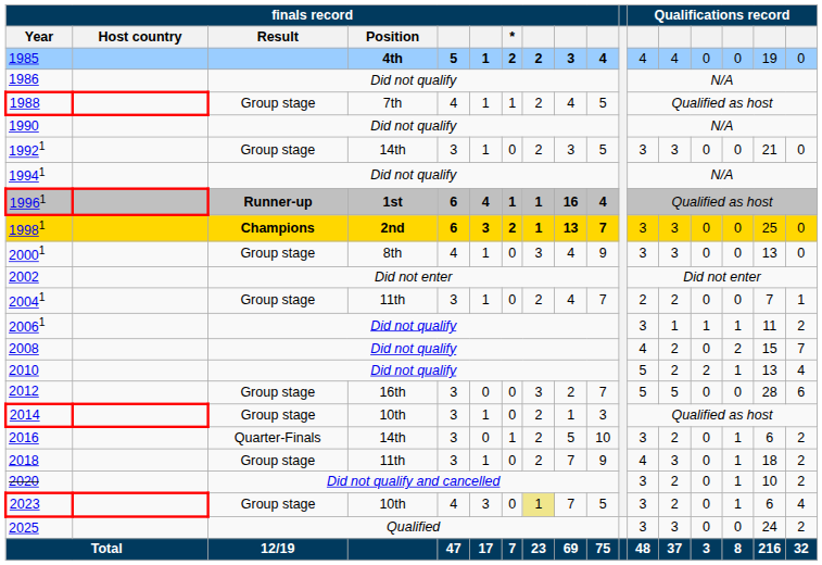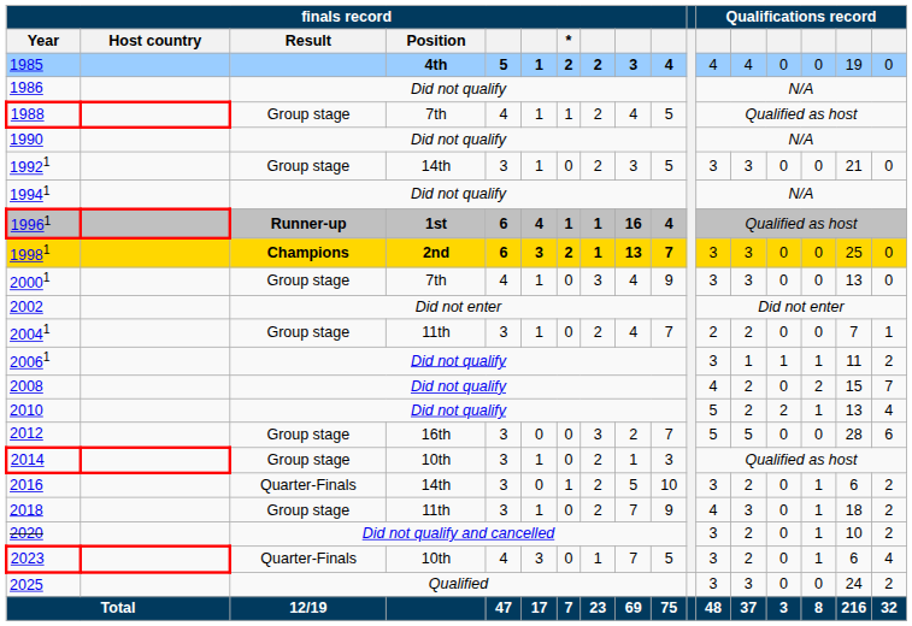 <table class="wikitable" style="text-align: center; width: 960px;">
 <tr>
 <th colspan=10 style="background: #013A5E; color: #FFFFFF;"><a href='#'></a> finals record</th>
 <th style="background: #013A5E; color: #FFFFFF;"></th>
 <th colspan=6 style="background: #013A5E; color: #FFFFFF;">Qualifications record</th>
 </tr>
 <tr>
 <th>Year</th>
 <th>Host country</th>
 <th>Result</th>
 <th>Position</th>
 <th></th>
 <th></th>
 <th>*</th>
 <th></th>
 <th></th>
 <th></th>
 <th style="width:1%;" rowspan="21"></th>
 <th width=30></th>
 <th width=30></th>
 <th width=30></th>
 <th width=30></th>
 <th width=30></th>
 <th width=30></th>
 </tr>
 <tr bgcolor=#9acdff>
 <td style="text-align: left"><a href='#'>1985</a></td>
 <td style="text-align: left"></td>
 <td><strong></strong></td>
 <td><strong>4th</strong></td>
 <td><strong>5</strong></td>
 <td><strong>1</strong></td>
 <td><strong>2</strong></td>
 <td><strong>2</strong></td>
 <td><strong>3</strong></td>
 <td><strong>4</strong></td>
 <td>4</td>
 <td>4</td>
 <td>0</td>
 <td>0</td>
 <td>19</td>
 <td>0</td>
 </tr>
 <tr>
 <td style="text-align: left"><a href='#'>1986</a></td>
 <td style="text-align: left"></td>
 <td colspan="8" align="center"><em>Did not qualify</em></td>
 <td colspan=6><em>N/A</em></td>
 </tr>
 <tr>
 <td style="text-align: left; border: 3px solid red"><a href='#'>1988</a></td>
 <td style="text-align: left; border: 3px solid red"></td>
 <td>Group stage</td>
 <td>7th</td>
 <td>4</td>
 <td>1</td>
 <td>1</td>
 <td>2</td>
 <td>4</td>
 <td>5</td>
 <td colspan=6><em>Qualified as host</em></td>
 </tr>
 <tr>
 <td style="text-align: left"><a href='#'>1990</a></td>
 <td style="text-align: left"></td>
 <td colspan="8" align="center"><em>Did not qualify</em></td>
 <td colspan=6><em>N/A</em></td>
 </tr>
 <tr>
 <td style="text-align: left"><a href='#'>1992</a><sup>1</sup></td>
 <td style="text-align: left"></td>
 <td>Group stage</td>
 <td>14th</td>
 <td>3</td>
 <td>1</td>
 <td>0</td>
 <td>2</td>
 <td>3</td>
 <td>5</td>
 <td>3</td>
 <td>3</td>
 <td>0</td>
 <td>0</td>
 <td>21</td>
 <td>0</td>
 </tr>
 <tr>
 <td style="text-align: left"><a href='#'>1994</a><sup>1</sup></td>
 <td style="text-align: left"></td>
 <td colspan="8" align="center"><em>Did not qualify</em></td>
 <td colspan=6><em>N/A</em></td>
 </tr>
 <tr bgcolor=#C0C0C0>
 <td style="text-align: left; border: 3px solid red"><a href='#'>1996</a><sup>1</sup></td>
 <td style="text-align: left; border: 3px solid red"></td>
 <td><strong>Runner-up</strong></td>
 <td><strong>1st</strong></td>
 <td><strong>6</strong></td>
 <td><strong>4</strong></td>
 <td><strong>1</strong></td>
 <td><strong>1</strong></td>
 <td><strong>16</strong></td>
 <td><strong>4</strong></td>
 <td colspan=6><em>Qualified as host</em></td>
 </tr>
 <tr bgcolor=gold>
 <td style="text-align: left"><a href='#'>1998</a><sup>1</sup></td>
 <td style="text-align: left"></td>
 <td><strong>Champions</strong></td>
 <td><strong>2nd</strong></td>
 <td><strong>6</strong></td>
 <td><strong>3</strong></td>
 <td><strong>2</strong></td>
 <td><strong>1</strong></td>
 <td><strong>13</strong></td>
 <td><strong>7</strong></td>
 <td>3</td>
 <td>3</td>
 <td>0</td>
 <td>0</td>
 <td>25</td>
 <td>0</td>
 </tr>
 <tr>
 <td style="text-align: left"><a href='#'>2000</a><sup>1</sup></td>
 <td style="text-align: left"></td>
 <td>Group stage</td>
-<td>8th</td>
+<td>7th</td>
 <td>4</td>
 <td>1</td>
 <td>0</td>
 <td>3</td>
 <td>4</td>
 <td>9</td>
 <td>3</td>
 <td>3</td>
 <td>0</td>
 <td>0</td>
 <td>13</td>
 <td>0</td>
 </tr>
 <tr>
 <td style="text-align: left"><a href='#'>2002</a></td>
 <td style="text-align: left"></td>
 <td colspan="8" align="center"><em>Did not enter</em></td>
 <td colspan=6><em>Did not enter</em></td>
 </tr>
 <tr>
 <td style="text-align: left"><a href='#'>2004</a><sup>1</sup></td>
 <td style="text-align: left"></td>
 <td>Group stage</td>
 <td>11th</td>
 <td>3</td>
 <td>1</td>
 <td>0</td>
 <td>2</td>
 <td>4</td>
 <td>7</td>
 <td>2</td>
 <td>2</td>
 <td>0</td>
 <td>0</td>
 <td>7</td>
 <td>1</td>
 </tr>
 <tr>
 <td style="text-align: left"><a href='#'>2006</a><sup>1</sup></td>
 <td style="text-align: left"></td>
 <td colspan="8" align="center"><em><a href='#'>Did not qualify</a></em></td>
 <td>3</td>
 <td>1</td>
 <td>1</td>
 <td>1</td>
 <td>11</td>
 <td>2</td>
 </tr>
 <tr>
 <td style="text-align: left"><a href='#'>2008</a></td>
 <td style="text-align: left"></td>
 <td colspan="8" align="center"><em><a href='#'>Did not qualify</a></em></td>
 <td>4</td>
 <td>2</td>
 <td>0</td>
 <td>2</td>
 <td>15</td>
 <td>7</td>
 </tr>
 <tr>
 <td style="text-align: left"><a href='#'>2010</a></td>
 <td style="text-align: left"></td>
 <td colspan="8" align="center"><em><a href='#'>Did not qualify</a></em></td>
 <td>5</td>
 <td>2</td>
 <td>2</td>
 <td>1</td>
 <td>13</td>
 <td>4</td>
 </tr>
 <tr>
 <td style="text-align: left"><a href='#'>2012</a></td>
 <td style="text-align: left"></td>
 <td>Group stage</td>
 <td>16th</td>
 <td>3</td>
 <td>0</td>
 <td>0</td>
 <td>3</td>
 <td>2</td>
 <td>7</td>
 <td>5</td>
 <td>5</td>
 <td>0</td>
 <td>0</td>
 <td>28</td>
 <td>6</td>
 </tr>
 <tr>
 <td style="text-align: left; border: 3px solid red"><a href='#'>2014</a></td>
 <td style="text-align: left; border: 3px solid red"></td>
 <td>Group stage</td>
 <td>10th</td>
 <td>3</td>
 <td>1</td>
 <td>0</td>
 <td>2</td>
 <td>1</td>
 <td>3</td>
 <td colspan=6><em>Qualified as host</em></td>
 </tr>
 <tr>
 <td style="text-align: left"><a href='#'>2016</a></td>
 <td style="text-align: left"></td>
 <td>Quarter-Finals</td>
 <td>14th</td>
 <td>3</td>
 <td>0</td>
 <td>1</td>
 <td>2</td>
 <td>5</td>
 <td>10</td>
 <td>3</td>
 <td>2</td>
 <td>0</td>
 <td>1</td>
 <td>6</td>
 <td>2</td>
 </tr>
 <tr>
 <td style="text-align: left"><a href='#'>2018</a></td>
 <td style="text-align: left"></td>
 <td>Group stage</td>
 <td>11th</td>
 <td>3</td>
 <td>1</td>
 <td>0</td>
 <td>2</td>
 <td>7</td>
 <td>9</td>
 <td>4</td>
 <td>3</td>
 <td>0</td>
 <td>1</td>
 <td>18</td>
 <td>2</td>
 </tr>
 <tr>
 <td style="text-align: left"><s><a href='#'>2020</a></s></td>
 <td style="text-align: left"></td>
 <td colspan="8" align="center"><em><a href='#'>Did not qualify and cancelled</a></em></td>
 <td>3</td>
 <td>2</td>
 <td>0</td>
 <td>1</td>
 <td>10</td>
 <td>2</td>
 </tr>
 <tr>
 <td style="text-align: left; border: 3px solid red"><a href='#'>2023</a></td>
 <td style="text-align: left; border: 3px solid red"></td>
-<td>Group stage</td>
+<td>Quarter-Finals</td>
 <td>10th</td>
 <td>4</td>
 <td>3</td>
 <td>0</td>
-<td style="background: khaki;">1</td>
+<td>1</td>
 <td>7</td>
 <td>5</td>
 <td>3</td>
 <td>2</td>
 <td>0</td>
 <td>1</td>
 <td>6</td>
 <td>4</td>
 </tr>
 <tr>
 <td style="text-align: left"><a href='#'>2025</a></td>
 <td style="text-align: left"></td>
 <td colspan=8><em>Qualified</em></td>
 <td></td>
 <td>3</td>
 <td>3</td>
 <td>0</td>
 <td>0</td>
 <td>24</td>
 <td>2</td>
 </tr>
 <tr>
 <td colspan=2 style="background: #013A5E; color: #FFFFFF;"><strong>Total</strong></td>
 <td style="background: #013A5E; color: #FFFFFF;"><strong>12/19</strong></td>
 <td style="background: #013A5E; color: #FFFFFF;"><strong></strong></td>
 <td style="background: #013A5E; color: #FFFFFF;"><strong>47</strong></td>
 <td style="background: #013A5E; color: #FFFFFF;"><strong>17</strong></td>
 <td style="background: #013A5E; color: #FFFFFF;"><strong>7</strong></td>
 <td style="background: #013A5E; color: #FFFFFF;"><strong>23</strong></td>
 <td style="background: #013A5E; color: #FFFFFF;"><strong>69</strong></td>
 <td style="background: #013A5E; color: #FFFFFF;"><strong>75</strong></td>
 <td style="background: #013A5E; color: #FFFFFF;"></td>
 <td style="background: #013A5E; color: #FFFFFF;"><strong>48</strong></td>
 <td style="background: #013A5E; color: #FFFFFF;"><strong>37</strong></td>
 <td style="background: #013A5E; color: #FFFFFF;"><strong>3</strong></td>
 <td style="background: #013A5E; color: #FFFFFF;"><strong>8</strong></td>
 <td style="background: #013A5E; color: #FFFFFF;"><strong>216</strong></td>
 <td style="background: #013A5E; color: #FFFFFF;"><strong>32</strong></td>
 </tr>
 </table>
